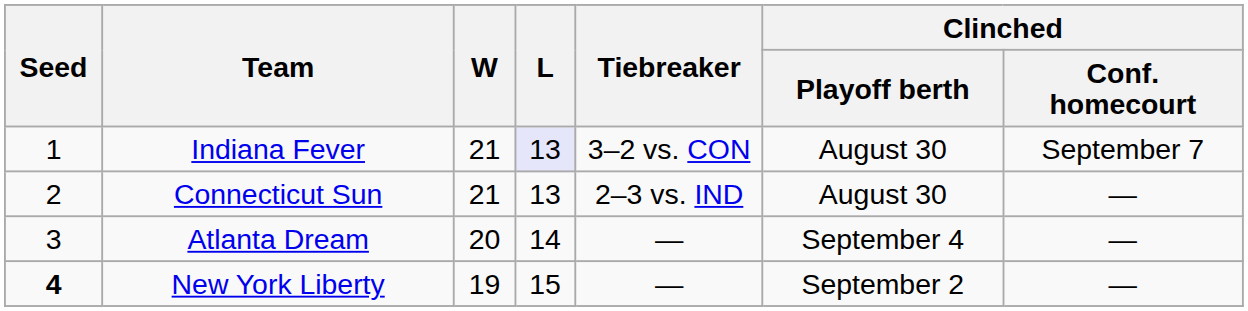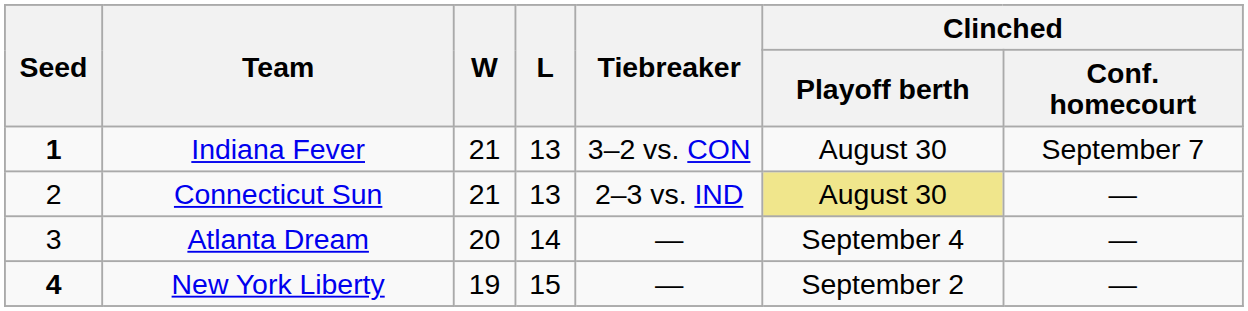 <table class=wikitable style="font-size:95%; text-align:center;" width=75%>
 <tr>
 <th rowspan=2 width=20>Seed</th>
 <th rowspan=2 width=150>Team</th>
 <th rowspan=2 width=20>W</th>
 <th rowspan=2 width=20>L</th>
 <th rowspan=2 width=50>Tiebreaker</th>
 <th colspan=4 width=200>Clinched</th>
 </tr>
 <tr>
 <th width=100>Playoff berth</th>
 <th width=100>Conf. homecourt</th>
 </tr>
 <tr>
-<td>1</td>
+<td><strong>1</strong></td>
 <td><a href='#'>Indiana Fever</a></td>
 <td>21</td>
-<td style="background: lavender;">13</td>
+<td>13</td>
 <td>3–2 vs. <a href='#'>CON</a></td>
 <td>August 30</td>
 <td>September 7</td>
 </tr>
 <tr>
 <td>2</td>
 <td><a href='#'>Connecticut Sun</a></td>
 <td>21</td>
 <td>13</td>
 <td>2–3 vs. <a href='#'>IND</a></td>
-<td>August 30</td>
+<td style="background: khaki;">August 30</td>
 <td>—</td>
 </tr>
 <tr>
 <td>3</td>
 <td><a href='#'>Atlanta Dream</a></td>
 <td>20</td>
 <td>14</td>
 <td>—</td>
 <td>September 4</td>
 <td>—</td>
 </tr>
 <tr>
 <td><strong>4</strong></td>
 <td><a href='#'>New York Liberty</a></td>
 <td>19</td>
 <td>15</td>
 <td>—</td>
 <td>September 2</td>
 <td>—</td>
 </tr>
 </table>
